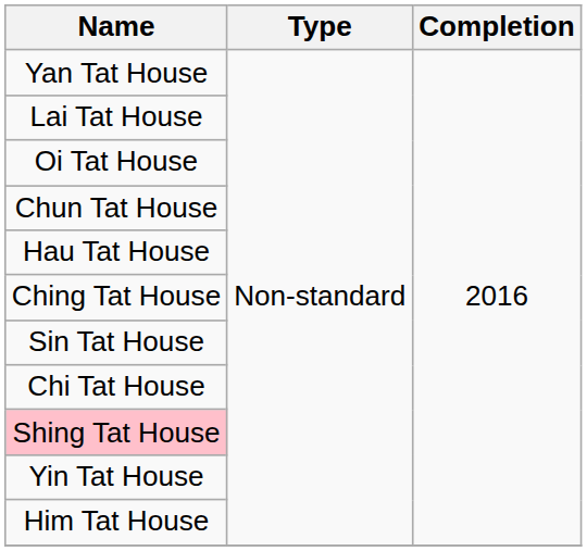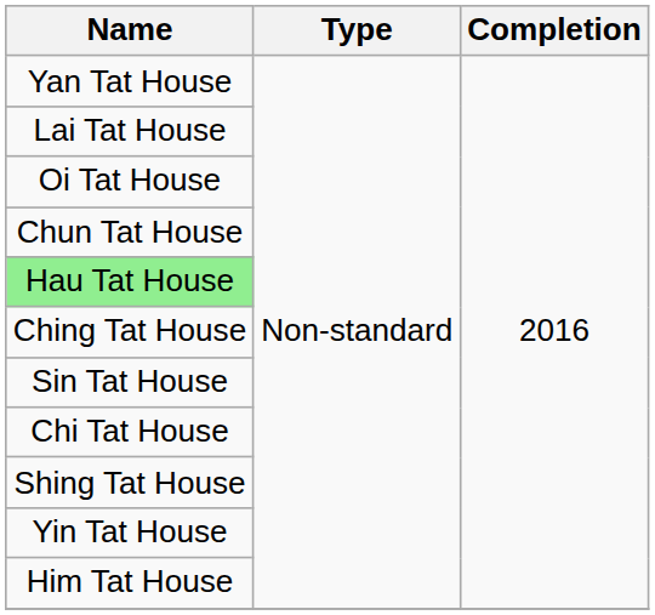 <table class="wikitable" style="text-align: center">
 <tr>
 <th>Name</th>
 <th>Type</th>
 <th>Completion</th>
 </tr>
 <tr>
 <td>Yan Tat House</td>
 <td rowspan="11">Non-standard</td>
 <td rowspan="11">2016</td>
 </tr>
 <tr>
 <td>Lai Tat House</td>
 </tr>
 <tr>
 <td>Oi Tat House</td>
 </tr>
 <tr>
 <td>Chun Tat House</td>
 </tr>
 <tr>
-<td>Hau Tat House</td>
+<td style="background: lightgreen;">Hau Tat House</td>
 </tr>
 <tr>
 <td>Ching Tat House</td>
 </tr>
 <tr>
 <td>Sin Tat House</td>
 </tr>
 <tr>
 <td>Chi Tat House</td>
 </tr>
 <tr>
-<td style="background: pink;">Shing Tat House</td>
+<td>Shing Tat House</td>
 </tr>
 <tr>
 <td>Yin Tat House</td>
 </tr>
 <tr>
 <td>Him Tat House</td>
 </tr>
 <tr>
 </tr>
 </table>
